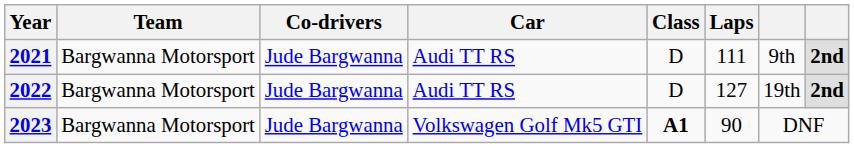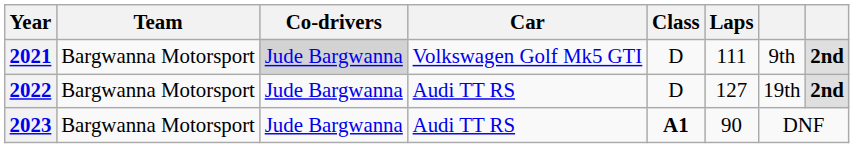 <table class="wikitable" style="font-size:90%; text-align:center">
 <tr>
 <th>Year</th>
 <th>Team</th>
 <th>Co-drivers</th>
 <th>Car</th>
 <th>Class</th>
 <th>Laps</th>
 <th></th>
 <th></th>
 </tr>
 <tr>
 <th><a href='#'>2021</a></th>
 <td align="left"> Bargwanna Motorsport</td>
-<td align="left"> <a href='#'>Jude Bargwanna</a></td>
-<td align="left"><a href='#'>Audi TT RS</a></td>
+<td align="left" style="background: lightgrey;"> <a href='#'>Jude Bargwanna</a></td>
+<td align="left"><a href='#'>Volkswagen Golf Mk5 GTI</a></td>
 <td>D</td>
 <td align=center>111</td>
 <td>9th</td>
 <td style="background:#dfdfdf"><strong>2nd</strong></td>
 </tr>
 <tr>
 <th><a href='#'>2022</a></th>
 <td align="left"> Bargwanna Motorsport</td>
 <td align="left"> <a href='#'>Jude Bargwanna</a></td>
 <td align="left"><a href='#'>Audi TT RS</a></td>
 <td>D</td>
 <td align=center>127</td>
 <td>19th</td>
 <td style="background:#dfdfdf"><strong>2nd</strong></td>
 </tr>
 <tr>
 <th><a href='#'>2023</a></th>
 <td align="left"> Bargwanna Motorsport</td>
 <td align="left"> <a href='#'>Jude Bargwanna</a></td>
-<td align="left"><a href='#'>Volkswagen Golf Mk5 GTI</a></td>
+<td align="left"><a href='#'>Audi TT RS</a></td>
 <td><strong>A1</strong></td>
 <td align=center>90</td>
 <td align=center colspan=2>DNF</td>
 </tr>
 </table>
